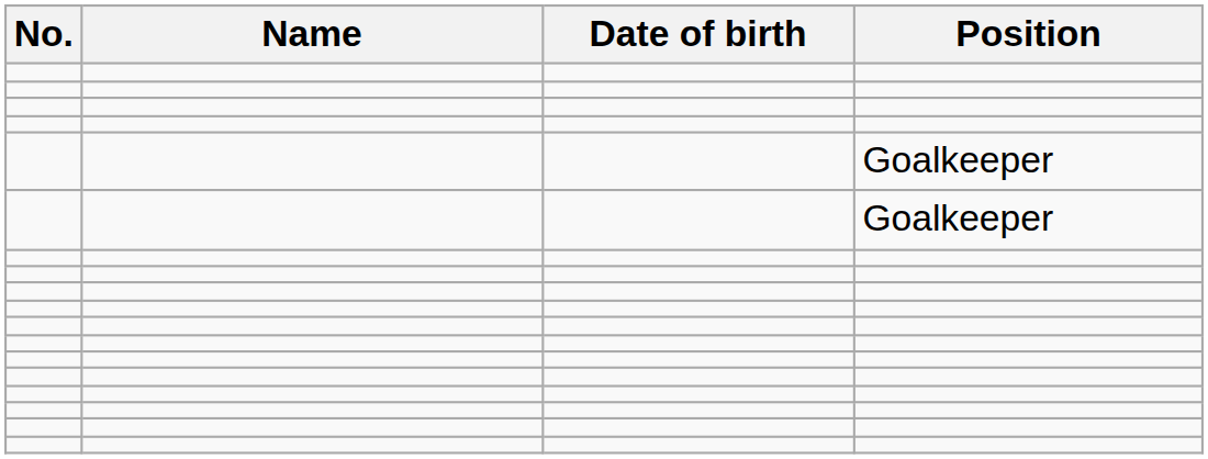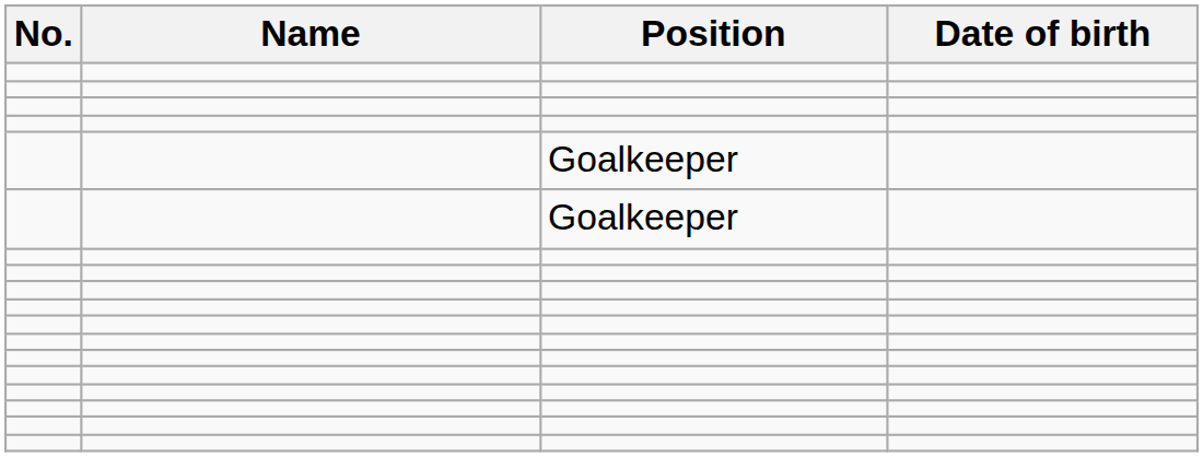 <table class="wikitable sortable" style=font-size:100%; text-align:center;>
 <tr>
 <th>No.</th>
 <th style=width:12em>Name</th>
+<th style=width:9em>Position</th>
 <th style=width:8em>Date of birth</th>
-<th style=width:9em>Position</th>
 </tr>
 <tr>
 <td></td>
 <td align=left></td>
+<td></td>
 <td align=right></td>
-<td></td>
 </tr>
 <tr>
 <td></td>
 <td align=left></td>
+<td></td>
 <td align=right></td>
-<td></td>
 </tr>
 <tr>
 <td></td>
 <td align=left></td>
+<td></td>
 <td align=right></td>
-<td></td>
 </tr>
 <tr>
 <td></td>
 <td align=left></td>
+<td></td>
 <td align=right></td>
-<td></td>
 </tr>
 <tr>
 <td></td>
 <td align=left></td>
+<td>Goalkeeper</td>
 <td align=right></td>
-<td>Goalkeeper</td>
 </tr>
 <tr>
 <td></td>
 <td align=left></td>
+<td>Goalkeeper</td>
 <td align=right></td>
-<td>Goalkeeper</td>
 </tr>
 <tr>
 <td></td>
 <td align=left></td>
+<td></td>
 <td align=right></td>
-<td></td>
 </tr>
 <tr>
 <td></td>
 <td align=left></td>
+<td></td>
 <td align=right></td>
-<td></td>
 </tr>
 <tr>
 <td></td>
 <td align=left></td>
+<td></td>
 <td align=right></td>
-<td></td>
 </tr>
 <tr>
 <td></td>
 <td align=left></td>
+<td></td>
 <td align=right></td>
-<td></td>
 </tr>
 <tr>
 <td></td>
 <td align=left></td>
+<td></td>
 <td align=right></td>
-<td></td>
 </tr>
 <tr>
 <td></td>
 <td align=left></td>
+<td></td>
 <td align=right></td>
-<td></td>
 </tr>
 <tr>
 <td></td>
 <td align=left></td>
+<td></td>
 <td align=right></td>
-<td></td>
 </tr>
 <tr>
 <td></td>
 <td align=left></td>
+<td></td>
 <td align=right></td>
-<td></td>
 </tr>
 <tr>
 <td></td>
 <td align=left></td>
+<td></td>
 <td align=right></td>
-<td></td>
 </tr>
 <tr>
 <td></td>
 <td align=left></td>
+<td></td>
 <td align=right></td>
-<td></td>
 </tr>
 <tr>
 <td></td>
 <td align=left></td>
+<td></td>
 <td align=right></td>
-<td></td>
 </tr>
 <tr>
 <td></td>
 <td align=left></td>
+<td></td>
 <td align=right></td>
-<td></td>
 </tr>
 </table>
